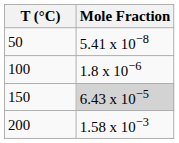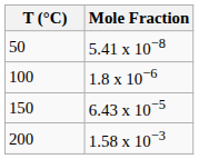 <table class="wikitable" border="1">
 <tr>
 <th width= "70">T (°C)</th>
 <th>Mole Fraction</th>
 </tr>
 <tr>
 <td>50</td>
 <td>5.41 x 10<sup>−8</sup></td>
 </tr>
 <tr>
 <td>100</td>
 <td>1.8 x 10<sup>−6</sup></td>
 </tr>
 <tr>
 <td>150</td>
-<td style="background: lightgrey;">6.43 x 10<sup>−5</sup></td>
+<td>6.43 x 10<sup>−5</sup></td>
 </tr>
 <tr>
 <td>200</td>
 <td>1.58 x 10<sup>−3</sup></td>
 </tr>
 </table>
